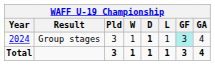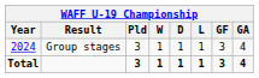 <table class="wikitable" style="text-align: center;font-size:100%">
 <tr>
 <th colspan=9><a href='#'>WAFF U-19 Championship</a></th>
 </tr>
 <tr>
 <th>Year</th>
 <th width=100>Result</th>
 <th width=20>Pld</th>
 <th width=20>W</th>
 <th width=20>D</th>
 <th width=20>L</th>
 <th width=20>GF</th>
 <th width=20>GA</th>
 </tr>
 <tr>
 <td> <a href='#'>2024</a></td>
 <td>Group stages</td>
 <td>3</td>
 <td>1</td>
-<td><strong>1</strong></td>
 <td>1</td>
-<td style="background: paleturquoise;">3</td>
+<td>1</td>
+<td>3</td>
 <td>4</td>
 </tr>
 <tr>
 <td><strong>Total</strong></td>
 <td></td>
 <td><strong>3</strong></td>
 <td><strong>1</strong></td>
 <td><strong>1</strong></td>
 <td><strong>1</strong></td>
 <td><strong>3</strong></td>
 <td><strong>4</strong></td>
 </tr>
 </table>
